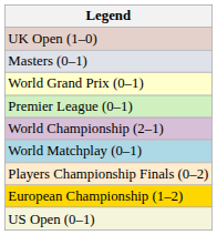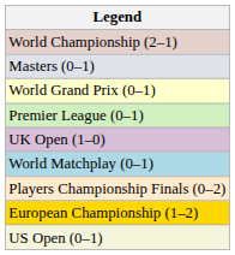 <table class="wikitable">
 <tr>
 <th>Legend</th>
 </tr>
 <tr style="background:#e5d1cb;">
-<td>UK Open (1–0)</td>
+<td>World Championship (2–1)</td>
 </tr>
 <tr style="background:#dfe2e9;">
 <td>Masters (0–1)</td>
 </tr>
 <tr style="background:#ffc;">
 <td>World Grand Prix (0–1)</td>
 </tr>
 <tr style="background:#d0f0c0;">
 <td>Premier League (0–1)</td>
 </tr>
 <tr style="background:thistle">
-<td>World Championship (2–1)</td>
+<td>UK Open (1–0)</td>
 </tr>
 <tr bgcolor="lightblue">
 <td>World Matchplay (0–1)</td>
 </tr>
 <tr style="background:#ffebcd;">
 <td>Players Championship Finals (0–2)</td>
 </tr>
 <tr style="background:gold;">
 <td>European Championship (1–2)</td>
 </tr>
 <tr bgcolor="beige">
 <td>US Open (0–1)</td>
 </tr>
 </table>
